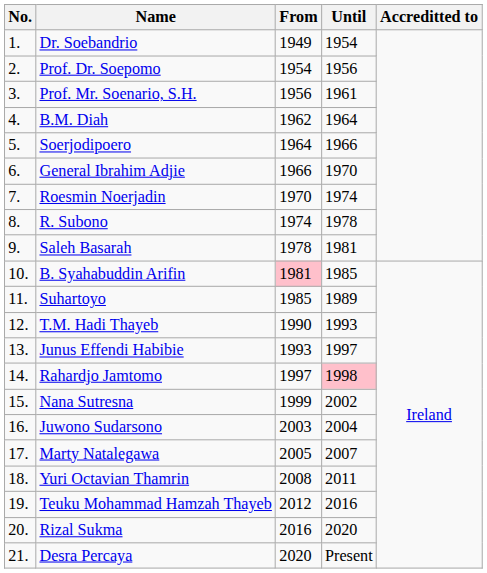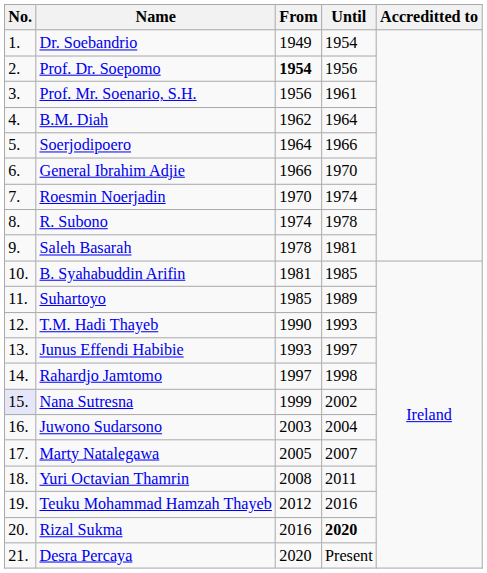 <table class="wikitable">
 <tr>
 <th>No.</th>
 <th>Name</th>
 <th>From</th>
 <th>Until</th>
 <th>Accreditted to</th>
 </tr>
 <tr>
 <td>1.</td>
 <td><a href='#'>Dr. Soebandrio</a></td>
 <td>1949</td>
 <td>1954</td>
 </tr>
 <tr>
 <td>2.</td>
 <td><a href='#'>Prof. Dr. Soepomo</a></td>
-<td>1954</td>
+<td><strong>1954</strong></td>
 <td>1956</td>
 </tr>
 <tr>
 <td>3.</td>
 <td><a href='#'>Prof. Mr. Soenario, S.H.</a></td>
 <td>1956</td>
 <td>1961</td>
 </tr>
 <tr>
 <td>4.</td>
 <td><a href='#'>B.M. Diah</a></td>
 <td>1962</td>
 <td>1964</td>
 </tr>
 <tr>
 <td>5.</td>
 <td><a href='#'>Soerjodipoero</a></td>
 <td>1964</td>
 <td>1966</td>
 </tr>
 <tr>
 <td>6.</td>
 <td><a href='#'>General Ibrahim Adjie</a></td>
 <td>1966</td>
 <td>1970</td>
 </tr>
 <tr>
 <td>7.</td>
 <td><a href='#'>Roesmin Noerjadin</a></td>
 <td>1970</td>
 <td>1974</td>
 </tr>
 <tr>
 <td>8.</td>
 <td><a href='#'>R. Subono</a></td>
 <td>1974</td>
 <td>1978</td>
 </tr>
 <tr>
 <td>9.</td>
 <td><a href='#'>Saleh Basarah</a></td>
 <td>1978</td>
 <td>1981</td>
 </tr>
 <tr>
 <td>10.</td>
 <td><a href='#'>B. Syahabuddin Arifin</a></td>
-<td style="background: pink;">1981</td>
+<td>1981</td>
 <td>1985</td>
 <td rowspan="12" align=center><a href='#'>Ireland</a></td>
 </tr>
 <tr>
 <td>11.</td>
 <td><a href='#'>Suhartoyo</a></td>
 <td>1985</td>
 <td>1989</td>
 </tr>
 <tr>
 <td>12.</td>
 <td><a href='#'>T.M. Hadi Thayeb</a></td>
 <td>1990</td>
 <td>1993</td>
 </tr>
 <tr>
 <td>13.</td>
 <td><a href='#'>Junus Effendi Habibie</a></td>
 <td>1993</td>
 <td>1997</td>
 </tr>
 <tr>
 <td>14.</td>
 <td><a href='#'>Rahardjo Jamtomo</a></td>
 <td>1997</td>
-<td style="background: pink;">1998</td>
+<td>1998</td>
 </tr>
 <tr>
-<td>15.</td>
+<td style="background: lavender;">15.</td>
 <td><a href='#'>Nana Sutresna</a></td>
 <td>1999</td>
 <td>2002</td>
 </tr>
 <tr>
 <td>16.</td>
 <td><a href='#'>Juwono Sudarsono</a></td>
 <td>2003</td>
 <td>2004</td>
 </tr>
 <tr>
 <td>17.</td>
 <td><a href='#'>Marty Natalegawa</a></td>
 <td>2005</td>
 <td>2007</td>
 </tr>
 <tr>
 <td>18.</td>
 <td><a href='#'>Yuri Octavian Thamrin</a></td>
 <td>2008</td>
 <td>2011</td>
 </tr>
 <tr>
 <td>19.</td>
 <td><a href='#'>Teuku Mohammad Hamzah Thayeb</a></td>
 <td>2012</td>
 <td>2016</td>
 </tr>
 <tr>
 <td>20.</td>
 <td><a href='#'>Rizal Sukma</a></td>
 <td>2016</td>
-<td>2020</td>
+<td><strong>2020</strong></td>
 </tr>
 <tr>
 <td>21.</td>
 <td><a href='#'>Desra Percaya</a></td>
 <td>2020</td>
 <td>Present</td>
 </tr>
 </table>
